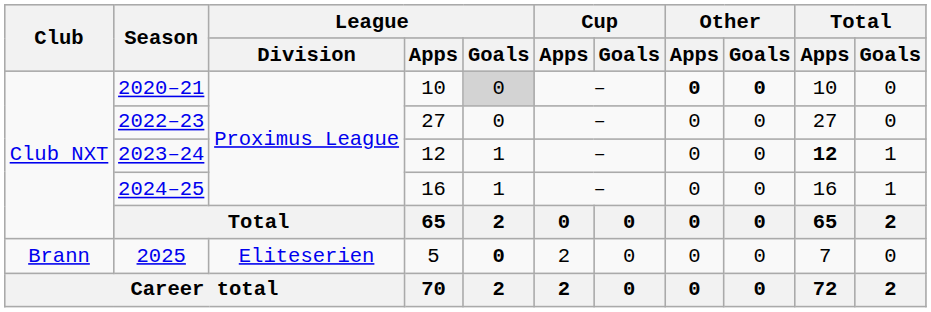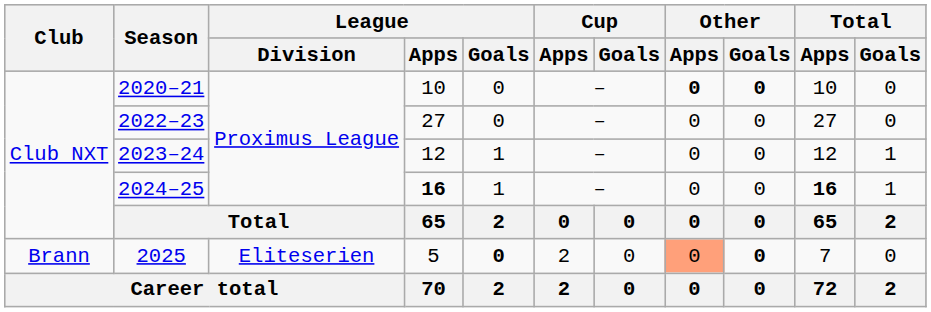 <table class="wikitable" style="text-align: center">
 <tr>
 <th rowspan="2">Club</th>
 <th rowspan="2">Season</th>
 <th colspan="3">League</th>
 <th colspan="2">Cup</th>
 <th colspan="2">Other</th>
 <th colspan="2">Total</th>
 </tr>
 <tr>
 <th>Division</th>
 <th>Apps</th>
 <th>Goals</th>
 <th>Apps</th>
 <th>Goals</th>
 <th>Apps</th>
 <th>Goals</th>
 <th>Apps</th>
 <th>Goals</th>
 </tr>
 <tr>
 <td rowspan="5"><a href='#'>Club NXT</a></td>
 <td><a href='#'>2020–21</a></td>
 <td rowspan="4"><a href='#'>Proximus League</a></td>
 <td>10</td>
-<td style="background: lightgrey;">0</td>
+<td>0</td>
 <td colspan="2">–</td>
 <td><strong>0</strong></td>
 <td><strong>0</strong></td>
 <td>10</td>
 <td>0</td>
 </tr>
 <tr>
 <td><a href='#'>2022–23</a></td>
 <td>27</td>
 <td>0</td>
 <td colspan="2">–</td>
 <td>0</td>
 <td>0</td>
 <td>27</td>
 <td>0</td>
 </tr>
 <tr>
 <td><a href='#'>2023–24</a></td>
 <td>12</td>
 <td>1</td>
 <td colspan="2">–</td>
 <td>0</td>
 <td>0</td>
-<td><strong>12</strong></td>
+<td>12</td>
 <td>1</td>
 </tr>
 <tr>
 <td><a href='#'>2024–25</a></td>
-<td>16</td>
+<td><strong>16</strong></td>
 <td>1</td>
 <td colspan="2">–</td>
 <td>0</td>
 <td>0</td>
-<td>16</td>
+<td><strong>16</strong></td>
 <td>1</td>
 </tr>
 <tr>
 <th colspan="2">Total</th>
 <th>65</th>
 <th>2</th>
 <th>0</th>
 <th>0</th>
 <th>0</th>
 <th>0</th>
 <th>65</th>
 <th>2</th>
 </tr>
 <tr>
 <td><a href='#'>Brann</a></td>
 <td><a href='#'>2025</a></td>
 <td><a href='#'>Eliteserien</a></td>
 <td>5</td>
 <td><strong>0</strong></td>
 <td>2</td>
 <td>0</td>
-<td>0</td>
-<td>0</td>
+<td style="background: lightsalmon;">0</td>
+<td><strong>0</strong></td>
 <td>7</td>
 <td>0</td>
 </tr>
 <tr>
 <th colspan=3>Career total</th>
 <th>70</th>
 <th>2</th>
 <th>2</th>
 <th>0</th>
 <th>0</th>
 <th>0</th>
 <th>72</th>
 <th>2</th>
 </tr>
 </table>
